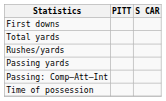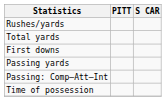 <table class="wikitable" style="float: left;">
 <tr>
 <th>Statistics</th>
 <th>PITT</th>
 <th>S CAR</th>
 </tr>
 <tr>
-<td>First downs</td>
+<td>Rushes/yards</td>
 <td></td>
 <td></td>
 </tr>
 <tr>
 <td>Total yards</td>
 <td></td>
 <td></td>
 </tr>
 <tr>
-<td>Rushes/yards</td>
+<td>First downs</td>
 <td></td>
 <td></td>
 </tr>
 <tr>
 <td>Passing yards</td>
 <td></td>
 <td></td>
 </tr>
 <tr>
 <td>Passing: Comp–Att–Int</td>
 <td></td>
 <td></td>
 </tr>
 <tr>
 <td>Time of possession</td>
 <td></td>
 <td></td>
 </tr>
 <tr>
 </tr>
 </table>
